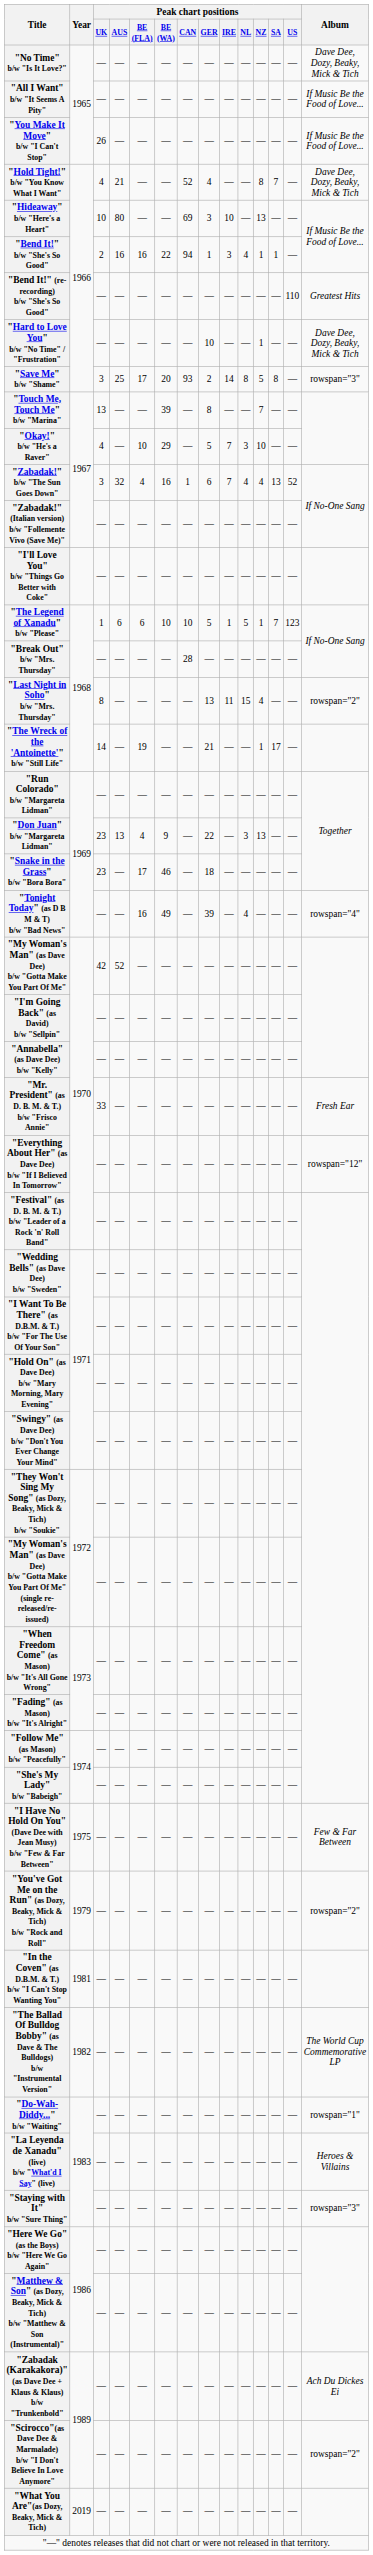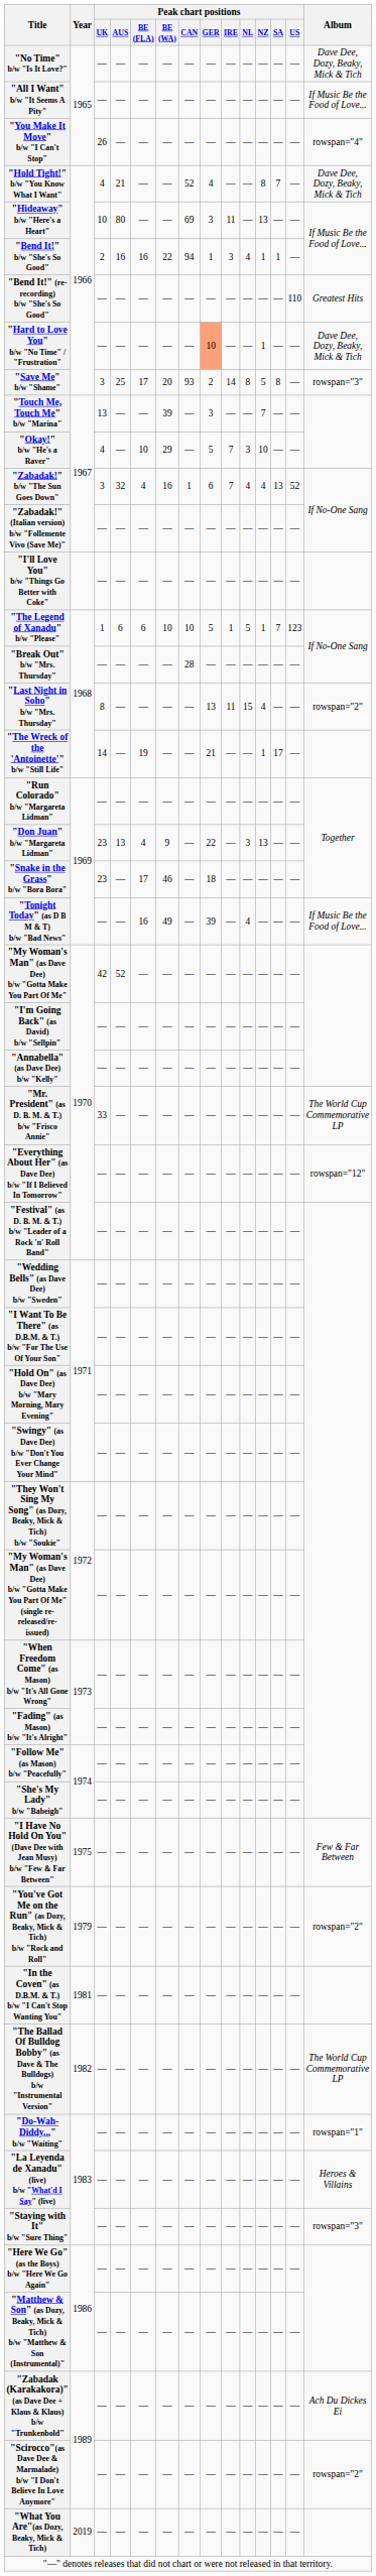 <table class="wikitable plainrowheaders" style="text-align:center;">
 <tr>
 <th rowspan="2" style="width:18em;">Title</th>
 <th rowspan="2">Year</th>
 <th colspan="11">Peak chart positions</th>
 <th rowspan="2">Album</th>
 </tr>
 <tr>
 <th scope="col"><small><a href='#'>UK</a></small><br></th>
 <th scope="col"><small><a href='#'>AUS</a></small><br></th>
 <th scope="col"><small><a href='#'>BE (FLA)</a></small><br></th>
 <th scope="col"><small><a href='#'>BE (WA)</a></small><br></th>
 <th scope="col"><small><a href='#'>CAN</a></small><br></th>
 <th scope="col"><small><a href='#'>GER</a></small><br></th>
 <th scope="col"><small><a href='#'>IRE</a></small><br></th>
 <th scope="col"><small><a href='#'>NL</a></small><br></th>
 <th scope="col"><small><a href='#'>NZ</a></small><br></th>
 <th scope="col"><small><a href='#'>SA</a></small><br></th>
 <th scope="col"><small><a href='#'>US</a></small><br></th>
 </tr>
 <tr>
 <th scope="row">"No Time" <br><small>b/w "Is It Love?"</small></th>
 <td rowspan="3">1965</td>
 <td align="center">—</td>
 <td>—</td>
 <td>—</td>
 <td>—</td>
 <td>—</td>
 <td>—</td>
 <td>—</td>
 <td>—</td>
 <td>—</td>
 <td>—</td>
 <td>—</td>
 <td><em>Dave Dee, Dozy, Beaky, Mick & Tich</em> </td>
 </tr>
 <tr>
 <th scope="row">"All I Want"<br><small>b/w "It Seems A Pity"</small></th>
 <td align="center">—</td>
 <td>—</td>
 <td>—</td>
 <td>—</td>
 <td>—</td>
 <td>—</td>
 <td>—</td>
 <td>—</td>
 <td>—</td>
 <td>—</td>
 <td>—</td>
 <td><em>If Music Be the Food of Love...</em> </td>
 </tr>
 <tr>
 <th scope="row">"<a href='#'>You Make It Move</a>"<br><small>b/w "I Can't Stop"</small></th>
 <td align="center">26</td>
 <td>—</td>
 <td>—</td>
 <td>—</td>
 <td>—</td>
 <td>—</td>
 <td>—</td>
 <td>—</td>
 <td>—</td>
 <td>—</td>
 <td>—</td>
-<td><em>If Music Be the Food of Love...</em></td>
+<td>rowspan="4" </td>
 </tr>
 <tr>
 <th scope="row">"<a href='#'>Hold Tight!</a>"<br><small>b/w "You Know What I Want"</small></th>
 <td rowspan="6">1966</td>
 <td align="center">4</td>
 <td>21</td>
 <td>—</td>
 <td>—</td>
 <td>52</td>
 <td>4</td>
 <td>—</td>
 <td>—</td>
 <td>8</td>
 <td>7</td>
 <td>—</td>
 <td><em>Dave Dee, Dozy, Beaky, Mick & Tich</em></td>
 </tr>
 <tr>
 <th scope="row">"<a href='#'>Hideaway</a>"<br><small>b/w "Here's a Heart"</small></th>
 <td align="center">10</td>
 <td>80</td>
 <td>—</td>
 <td>—</td>
 <td>69</td>
 <td>3</td>
-<td>10</td>
+<td>11</td>
 <td>—</td>
 <td>13</td>
 <td>—</td>
 <td>—</td>
 <td rowspan="2"><em>If Music Be the Food of Love...</em></td>
 </tr>
 <tr>
 <th scope="row">"<a href='#'>Bend It!</a>"<br><small>b/w "She's So Good"</small></th>
 <td align="center">2</td>
 <td>16</td>
 <td>16</td>
 <td>22</td>
 <td>94</td>
 <td>1</td>
 <td>3</td>
 <td>4</td>
 <td>1</td>
 <td>1</td>
 <td>—</td>
 </tr>
 <tr>
 <th scope="row">"Bend It!" <small>(re-recording)</small> <br><small>b/w "She's So Good"</small></th>
 <td>—</td>
 <td>—</td>
 <td>—</td>
 <td>—</td>
 <td>—</td>
 <td>—</td>
 <td>—</td>
 <td>—</td>
 <td>—</td>
 <td>—</td>
 <td>110</td>
 <td><em>Greatest Hits</em></td>
 </tr>
 <tr>
 <th scope="row">"<a href='#'>Hard to Love You</a>" <br><small>b/w "No Time" / "Frustration"</small></th>
 <td>—</td>
 <td>—</td>
 <td>—</td>
 <td>—</td>
 <td>—</td>
-<td>10</td>
+<td style="background: lightsalmon;">10</td>
 <td>—</td>
 <td>—</td>
 <td>1</td>
 <td>—</td>
 <td>—</td>
 <td><em>Dave Dee, Dozy, Beaky, Mick & Tich</em></td>
 </tr>
 <tr>
 <th scope="row">"<a href='#'>Save Me</a>"<br><small>b/w "Shame"</small></th>
 <td align="center">3</td>
 <td>25</td>
 <td>17</td>
 <td>20</td>
 <td>93</td>
 <td>2</td>
 <td>14</td>
 <td>8</td>
 <td>5</td>
 <td>8</td>
 <td>—</td>
 <td>rowspan="3" </td>
 </tr>
 <tr>
 <th scope="row">"<a href='#'>Touch Me, Touch Me</a>"<br><small>b/w "Marina"</small></th>
 <td rowspan="4">1967</td>
 <td align="center">13</td>
 <td>—</td>
 <td>—</td>
 <td>39</td>
 <td>—</td>
-<td>8</td>
+<td>3</td>
 <td>—</td>
 <td>—</td>
 <td>7</td>
 <td>—</td>
 <td>—</td>
 </tr>
 <tr>
 <th scope="row">"<a href='#'>Okay!</a>"<br><small>b/w "He's a Raver"</small></th>
 <td align="center">4</td>
 <td>—</td>
 <td>10</td>
 <td>29</td>
 <td>—</td>
 <td>5</td>
 <td>7</td>
 <td>3</td>
 <td>10</td>
 <td>—</td>
 <td>—</td>
 </tr>
 <tr>
 <th scope="row">"<a href='#'>Zabadak!</a>"<br><small>b/w "The Sun Goes Down"</small></th>
 <td align="center">3</td>
 <td>32</td>
 <td>4</td>
 <td>16</td>
 <td>1</td>
 <td>6</td>
 <td>7</td>
 <td>4</td>
 <td>4</td>
 <td>13</td>
 <td>52</td>
 <td rowspan="2"><em>If No-One Sang</em></td>
 </tr>
 <tr>
 <th scope="row">"Zabadak!" <small>(Italian version)</small> <br><small>b/w "Follemente Vivo (Save Me)"</small></th>
 <td>—</td>
 <td>—</td>
 <td>—</td>
 <td>—</td>
 <td>—</td>
 <td>—</td>
 <td>—</td>
 <td>—</td>
 <td>—</td>
 <td>—</td>
 <td>—</td>
 </tr>
 <tr>
 <th scope="row">"I'll Love You" <br><small>b/w "Things Go Better with Coke"</small></th>
 <td></td>
 <td>—</td>
 <td>—</td>
 <td>—</td>
 <td>—</td>
 <td>—</td>
 <td>—</td>
 <td>—</td>
 <td>—</td>
 <td>—</td>
 <td>—</td>
 <td>—</td>
 <td></td>
 </tr>
 <tr>
 <th scope="row">"<a href='#'>The Legend of Xanadu</a>"<br><small>b/w "Please"</small></th>
 <td rowspan="4">1968</td>
 <td align="center">1</td>
 <td>6</td>
 <td>6</td>
 <td>10</td>
 <td>10</td>
 <td>5</td>
 <td>1</td>
 <td>5</td>
 <td>1</td>
 <td>7</td>
 <td>123</td>
 <td rowspan="2"><em>If No-One Sang</em></td>
 </tr>
 <tr>
 <th scope="row">"Break Out" <br><small>b/w "Mrs. Thursday"</small></th>
 <td>—</td>
 <td>—</td>
 <td>—</td>
 <td>—</td>
 <td>28</td>
 <td>—</td>
 <td>—</td>
 <td>—</td>
 <td>—</td>
 <td>—</td>
 <td>—</td>
 </tr>
 <tr>
 <th scope="row">"<a href='#'>Last Night in Soho</a>"<br><small>b/w "Mrs. Thursday"</small></th>
 <td align="center">8</td>
 <td>—</td>
 <td>—</td>
 <td>—</td>
 <td>—</td>
 <td>13</td>
 <td>11</td>
 <td>15</td>
 <td>4</td>
 <td>—</td>
 <td>—</td>
 <td>rowspan="2" </td>
 </tr>
 <tr>
 <th scope="row">"<a href='#'>The Wreck of the 'Antoinette'</a>"<br><small>b/w "Still Life"</small></th>
 <td align="center">14</td>
 <td>—</td>
 <td>19</td>
 <td>—</td>
 <td>—</td>
 <td>21</td>
 <td>—</td>
 <td>—</td>
 <td>1</td>
 <td>17</td>
 <td>—</td>
 </tr>
 <tr>
 <th scope="row">"Run Colorado" <br><small>b/w "Margareta Lidman"</small></th>
 <td rowspan="4">1969</td>
 <td align="center">—</td>
 <td>—</td>
 <td>—</td>
 <td>—</td>
 <td>—</td>
 <td>—</td>
 <td>—</td>
 <td>—</td>
 <td>—</td>
 <td>—</td>
 <td>—</td>
 <td rowspan="3"><em>Together</em></td>
 </tr>
 <tr>
 <th scope="row">"<a href='#'>Don Juan</a>"<br><small>b/w "Margareta Lidman"</small></th>
 <td align="center">23</td>
 <td>13</td>
 <td>4</td>
 <td>9</td>
 <td>—</td>
 <td>22</td>
 <td>—</td>
 <td>3</td>
 <td>13</td>
 <td>—</td>
 <td>—</td>
 </tr>
 <tr>
 <th scope="row">"<a href='#'>Snake in the Grass</a>"<br><small>b/w "Bora Bora"</small></th>
 <td align="center">23</td>
 <td>—</td>
 <td>17</td>
 <td>46</td>
 <td>—</td>
 <td>18</td>
 <td>—</td>
 <td>—</td>
 <td>—</td>
 <td>—</td>
 <td>—</td>
 </tr>
 <tr>
 <th scope="row">"<a href='#'>Tonight Today</a>" <small>(as D B M & T)</small><br><small>b/w "Bad News"</small></th>
 <td align="center">—</td>
 <td>—</td>
 <td>16</td>
 <td>49</td>
 <td>—</td>
 <td>39</td>
 <td>—</td>
 <td>4</td>
 <td>—</td>
 <td>—</td>
 <td>—</td>
-<td>rowspan="4" </td>
+<td><em>If Music Be the Food of Love...</em></td>
 </tr>
 <tr>
 <th scope="row">"My Woman's Man" <small>(as Dave Dee)</small><br><small>b/w "Gotta Make You Part Of Me"</small></th>
 <td rowspan="6">1970</td>
 <td align="center">42</td>
 <td>52</td>
 <td>—</td>
 <td>—</td>
 <td>—</td>
 <td>—</td>
 <td>—</td>
 <td>—</td>
 <td>—</td>
 <td>—</td>
 <td>—</td>
 </tr>
 <tr>
 <th scope="row">"I'm Going Back" <small>(as David)</small> <br><small>b/w "Sellpin"</small></th>
 <td align="center">—</td>
 <td>—</td>
 <td>—</td>
 <td>—</td>
 <td>—</td>
 <td>—</td>
 <td>—</td>
 <td>—</td>
 <td>—</td>
 <td>—</td>
 <td>—</td>
 </tr>
 <tr>
 <th scope="row">"Annabella" <small>(as Dave Dee)</small><br><small>b/w "Kelly"</small></th>
 <td align="center">—</td>
 <td>—</td>
 <td>—</td>
 <td>—</td>
 <td>—</td>
 <td>—</td>
 <td>—</td>
 <td>—</td>
 <td>—</td>
 <td>—</td>
 <td>—</td>
 </tr>
 <tr>
 <th scope="row">"Mr. President" <small>(as D. B. M. & T.)</small><br><small>b/w "Frisco Annie"</small></th>
 <td align="center">33</td>
 <td>—</td>
 <td>—</td>
 <td>—</td>
 <td>—</td>
 <td>—</td>
 <td>—</td>
 <td>—</td>
 <td>—</td>
 <td>—</td>
 <td>—</td>
-<td><em>Fresh Ear</em> </td>
+<td><em>The World Cup Commemorative LP</em></td>
 </tr>
 <tr>
 <th scope="row">"Everything About Her" <small>(as Dave Dee)</small><br><small>b/w "If I Believed In Tomorrow"</small></th>
 <td align="center">—</td>
 <td>—</td>
 <td>—</td>
 <td>—</td>
 <td>—</td>
 <td>—</td>
 <td>—</td>
 <td>—</td>
 <td>—</td>
 <td>—</td>
 <td>—</td>
 <td>rowspan="12" </td>
 </tr>
 <tr>
 <th scope="row">"Festival" <small>(as D. B. M. & T.)</small><br><small>b/w "Leader of a Rock 'n' Roll Band"</small></th>
 <td align="center">—</td>
 <td>—</td>
 <td>—</td>
 <td>—</td>
 <td>—</td>
 <td>—</td>
 <td>—</td>
 <td>—</td>
 <td>—</td>
 <td>—</td>
 <td>—</td>
 </tr>
 <tr>
 <th scope="row">"Wedding Bells" <small>(as Dave Dee)</small><br><small>b/w "Sweden"</small></th>
 <td rowspan="4">1971</td>
 <td align="center">—</td>
 <td>—</td>
 <td>—</td>
 <td>—</td>
 <td>—</td>
 <td>—</td>
 <td>—</td>
 <td>—</td>
 <td>—</td>
 <td>—</td>
 <td>—</td>
 </tr>
 <tr>
 <th scope="row">"I Want To Be There" <small>(as D.B.M. & T.)</small><br><small>b/w "For The Use Of Your Son"</small></th>
 <td align="center">—</td>
 <td>—</td>
 <td>—</td>
 <td>—</td>
 <td>—</td>
 <td>—</td>
 <td>—</td>
 <td>—</td>
 <td>—</td>
 <td>—</td>
 <td>—</td>
 </tr>
 <tr>
 <th scope="row">"Hold On" <small>(as Dave Dee)</small><br><small>b/w "Mary Morning, Mary Evening"</small></th>
 <td align="center">—</td>
 <td>—</td>
 <td>—</td>
 <td>—</td>
 <td>—</td>
 <td>—</td>
 <td>—</td>
 <td>—</td>
 <td>—</td>
 <td>—</td>
 <td>—</td>
 </tr>
 <tr>
 <th scope="row">"Swingy" <small>(as Dave Dee)</small><br><small>b/w "Don't You Ever Change Your Mind"</small></th>
 <td align="center">—</td>
 <td>—</td>
 <td>—</td>
 <td>—</td>
 <td>—</td>
 <td>—</td>
 <td>—</td>
 <td>—</td>
 <td>—</td>
 <td>—</td>
 <td>—</td>
 </tr>
 <tr>
 <th scope="row">"They Won't Sing My Song" <small>(as Dozy, Beaky, Mick & Tich)</small><br><small>b/w "Soukie"</small></th>
 <td rowspan="2">1972</td>
 <td align="center">—</td>
 <td>—</td>
 <td>—</td>
 <td>—</td>
 <td>—</td>
 <td>—</td>
 <td>—</td>
 <td>—</td>
 <td>—</td>
 <td>—</td>
 <td>—</td>
 </tr>
 <tr>
 <th scope="row">"My Woman's Man" <small>(as Dave Dee)</small><br><small>b/w "Gotta Make You Part Of Me" (single re-released/re-issued)</small></th>
 <td align="center">—</td>
 <td>—</td>
 <td>—</td>
 <td>—</td>
 <td>—</td>
 <td>—</td>
 <td>—</td>
 <td>—</td>
 <td>—</td>
 <td>—</td>
 <td>—</td>
 </tr>
 <tr>
 <th scope="row">"When Freedom Come" <small>(as Mason) </small><br><small>b/w "It's All Gone Wrong"</small></th>
 <td rowspan="2">1973</td>
 <td align="center">—</td>
 <td>—</td>
 <td>—</td>
 <td>—</td>
 <td>—</td>
 <td>—</td>
 <td>—</td>
 <td>—</td>
 <td>—</td>
 <td>—</td>
 <td>—</td>
 </tr>
 <tr>
 <th scope="row">"Fading" <small>(as Mason)</small><br><small>b/w "It's Alright"</small></th>
 <td align="center">—</td>
 <td>—</td>
 <td>—</td>
 <td>—</td>
 <td>—</td>
 <td>—</td>
 <td>—</td>
 <td>—</td>
 <td>—</td>
 <td>—</td>
 <td>—</td>
 </tr>
 <tr>
 <th scope="row">"Follow Me" <small>(as Mason)</small><br><small>b/w "Peacefully"</small></th>
 <td rowspan="2">1974</td>
 <td align="center">—</td>
 <td>—</td>
 <td>—</td>
 <td>—</td>
 <td>—</td>
 <td>—</td>
 <td>—</td>
 <td>—</td>
 <td>—</td>
 <td>—</td>
 <td>—</td>
 </tr>
 <tr>
 <th scope="row">"She's My Lady" <br><small>b/w "Babeigh"</small></th>
 <td align="center">—</td>
 <td>—</td>
 <td>—</td>
 <td>—</td>
 <td>—</td>
 <td>—</td>
 <td>—</td>
 <td>—</td>
 <td>—</td>
 <td>—</td>
 <td>—</td>
 </tr>
 <tr>
 <th scope="row">"I Have No Hold On You" <small>(Dave Dee with Jean Musy)</small><br><small>b/w "Few & Far Between"</small></th>
 <td>1975</td>
 <td align="center">—</td>
 <td>—</td>
 <td>—</td>
 <td>—</td>
 <td>—</td>
 <td>—</td>
 <td>—</td>
 <td>—</td>
 <td>—</td>
 <td>—</td>
 <td>—</td>
 <td><em>Few & Far Between</em></td>
 </tr>
 <tr>
 <th scope="row">"You've Got Me on the Run" <small>(as Dozy, Beaky, Mick & Tich)</small> <br><small>b/w "Rock and Roll"</small></th>
 <td>1979</td>
 <td align="center">—</td>
 <td>—</td>
 <td>—</td>
 <td>—</td>
 <td>—</td>
 <td>—</td>
 <td>—</td>
 <td>—</td>
 <td>—</td>
 <td>—</td>
 <td>—</td>
 <td>rowspan="2" </td>
 </tr>
 <tr>
 <th scope="row">"In the Coven" <small>(as D.B.M. & T.)</small><br><small>b/w "I Can't Stop Wanting You"</small></th>
 <td>1981</td>
 <td align="center">—</td>
 <td>—</td>
 <td>—</td>
 <td>—</td>
 <td>—</td>
 <td>—</td>
 <td>—</td>
 <td>—</td>
 <td>—</td>
 <td>—</td>
 <td>—</td>
 </tr>
 <tr>
 <th scope="row">"The Ballad Of Bulldog Bobby" <small>(as Dave & The Bulldogs)</small><br><small>b/w "Instrumental Version"</small></th>
 <td>1982</td>
 <td align="center">—</td>
 <td>—</td>
 <td>—</td>
 <td>—</td>
 <td>—</td>
 <td>—</td>
 <td>—</td>
 <td>—</td>
 <td>—</td>
 <td>—</td>
 <td>—</td>
 <td><em>The World Cup Commemorative LP</em></td>
 </tr>
 <tr>
 <th scope="row">"<a href='#'>Do-Wah-Diddy...</a>" <br><small>b/w "Waiting"</small></th>
 <td rowspan="3">1983</td>
 <td>—</td>
 <td>—</td>
 <td>—</td>
 <td>—</td>
 <td>—</td>
 <td>—</td>
 <td>—</td>
 <td>—</td>
 <td>—</td>
 <td>—</td>
 <td>—</td>
 <td>rowspan="1" </td>
 </tr>
 <tr>
 <th scope="row">"La Leyenda de Xanadu" <small>(live)</small> <br><small>b/w "<a href='#'>What'd I Say</a>" (live)</small></th>
 <td>—</td>
 <td>—</td>
 <td>—</td>
 <td>—</td>
 <td>—</td>
 <td>—</td>
 <td>—</td>
 <td>—</td>
 <td>—</td>
 <td>—</td>
 <td>—</td>
 <td><em>Heroes & Villains</em></td>
 </tr>
 <tr>
 <th scope="row">"Staying with It"<br><small>b/w "Sure Thing"</small></th>
 <td align="center">—</td>
 <td>—</td>
 <td>—</td>
 <td>—</td>
 <td>—</td>
 <td>—</td>
 <td>—</td>
 <td>—</td>
 <td>—</td>
 <td>—</td>
 <td>—</td>
 <td>rowspan="3" </td>
 </tr>
 <tr>
 <th scope="row">"Here We Go" <small>(as the Boys)</small><br><small>b/w "Here We Go Again"</small></th>
 <td rowspan="2">1986</td>
 <td align="center">—</td>
 <td>—</td>
 <td>—</td>
 <td>—</td>
 <td>—</td>
 <td>—</td>
 <td>—</td>
 <td>—</td>
 <td>—</td>
 <td>—</td>
 <td>—</td>
 </tr>
 <tr>
 <th scope="row">"<a href='#'>Matthew & Son</a>" <small>(as Dozy, Beaky, Mick & Tich)</small> <br><small>b/w "Matthew & Son (Instrumental)"</small></th>
 <td align="center">—</td>
 <td>—</td>
 <td>—</td>
 <td>—</td>
 <td>—</td>
 <td>—</td>
 <td>—</td>
 <td>—</td>
 <td>—</td>
 <td>—</td>
 <td>—</td>
 </tr>
 <tr>
 <th scope="row">"Zabadak (Karakakora)" <small>(as Dave Dee + Klaus & Klaus)</small> <br><small>b/w "Trunkenbold"</small></th>
 <td rowspan="2">1989</td>
 <td align="center">—</td>
 <td>—</td>
 <td>—</td>
 <td>—</td>
 <td>—</td>
 <td>—</td>
 <td>—</td>
 <td>—</td>
 <td>—</td>
 <td>—</td>
 <td>—</td>
 <td><em>Ach Du Dickes Ei</em> </td>
 </tr>
 <tr>
 <th scope="row">"Scirocco"<small>(as Dave Dee & Marmalade)</small> <br><small>b/w "I Don't Believe In Love Anymore"</small></th>
 <td align="center">—</td>
 <td>—</td>
 <td>—</td>
 <td>—</td>
 <td>—</td>
 <td>—</td>
 <td>—</td>
 <td>—</td>
 <td>—</td>
 <td>—</td>
 <td>—</td>
 <td>rowspan="2"</td>
 </tr>
 <tr>
 <th scope="row">"What You Are"<small>(as Dozy, Beaky, Mick & Tich)</small> </th>
 <td>2019</td>
 <td align="center">—</td>
 <td>—</td>
 <td>—</td>
 <td>—</td>
 <td>—</td>
 <td>—</td>
 <td>—</td>
 <td>—</td>
 <td>—</td>
 <td>—</td>
 <td>—</td>
 </tr>
 <tr>
 <td colspan="14">"—" denotes releases that did not chart or were not released in that territory.</td>
 </tr>
 </table>
